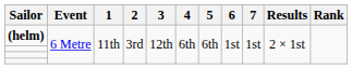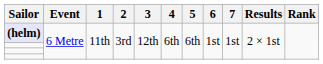 <table class="wikitable" style="text-align:center">
 <tr>
 <th>Sailor</th>
 <th>Event</th>
 <th>1</th>
 <th>2</th>
 <th>3</th>
 <th>4</th>
 <th>5</th>
 <th>6</th>
 <th>7</th>
 <th>Results</th>
 <th>Rank</th>
 </tr>
 <tr>
-<td align=left><strong> (helm)</strong></td>
+<td align=left style="background: lavender;"><strong> (helm)</strong></td>
 <td align=left rowspan=4><a href='#'>6 Metre</a></td>
 <td rowspan=4>11th</td>
 <td rowspan=4>3rd</td>
 <td rowspan=4>12th </td>
 <td rowspan=4>6th</td>
 <td rowspan=4>6th</td>
 <td rowspan=4>1st</td>
 <td rowspan=4>1st</td>
 <td rowspan=4>2 × 1st</td>
 <td rowspan=4></td>
 </tr>
 <tr>
 <td align=left><strong></strong></td>
 </tr>
 <tr>
 <td align=left><strong></strong></td>
 </tr>
 <tr>
 <td align=left><strong></strong></td>
 </tr>
 </table>
